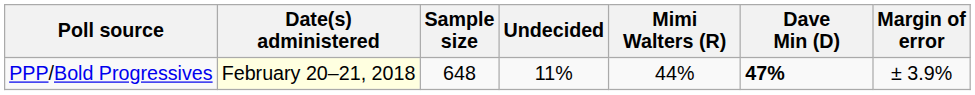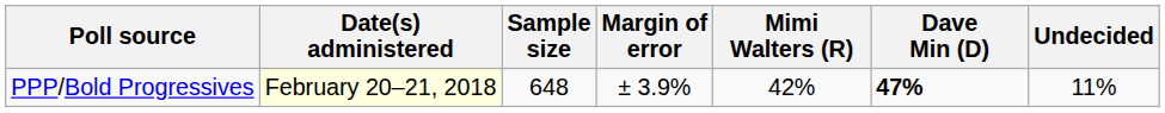 <table class="wikitable">
 <tr>
 <th>Poll source</th>
 <th>Date(s)<br>administered</th>
 <th>Sample<br>size</th>
-<th>Undecided</th>
+<th>Margin of<br>error</th>
 <th style="width:100px;">Mimi<br>Walters (R)</th>
 <th style="width:100px;">Dave<br>Min (D)</th>
-<th>Margin of<br>error</th>
+<th>Undecided</th>
 </tr>
 <tr>
 <td><a href='#'>PPP</a>/<a href='#'>Bold Progressives</a></td>
 <td style="background: lightyellow; text-align:center">February 20–21, 2018</td>
 <td style="text-align:center">648</td>
+<td style="text-align:center">± 3.9%</td>
+<td style="text-align:center">42%</td>
+<td style="background-color:"><strong>47%</strong></td>
 <td style="text-align:center">11%</td>
-<td style="text-align:center">44%</td>
-<td style="background-color:"><strong>47%</strong></td>
-<td style="text-align:center">± 3.9%</td>
 </tr>
 </table>
